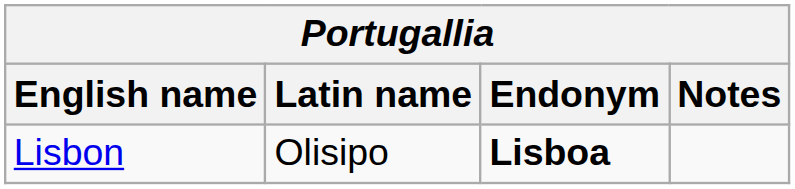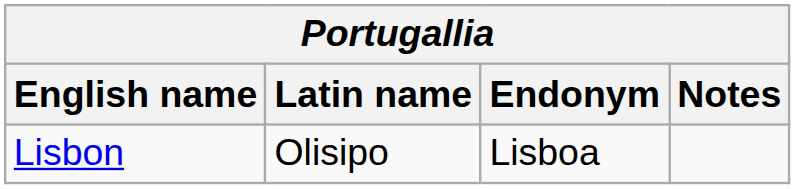 <table class="wikitable sortable">
 <tr>
 <th colspan="4"> <em>Portugallia</em></th>
 </tr>
 <tr>
 <th>English name</th>
 <th>Latin name</th>
 <th>Endonym</th>
 <th>Notes</th>
 </tr>
 <tr>
 <td><a href='#'>Lisbon</a></td>
 <td>Olisipo</td>
-<td><strong>Lisboa</strong></td>
+<td>Lisboa</td>
 <td></td>
 </tr>
 </table>
